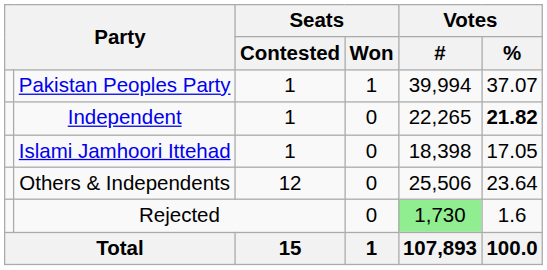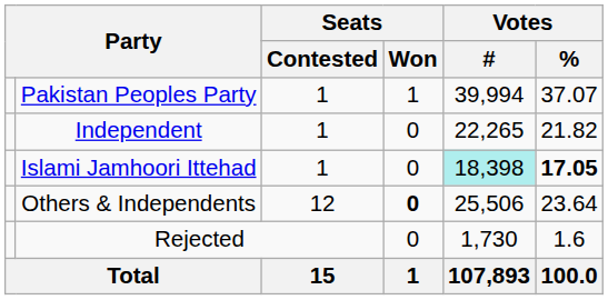 <table class="wikitable" style="text-align: center">
 <tr>
 <th colspan="2" rowspan="2">Party</th>
 <th colspan="2">Seats</th>
 <th colspan="2">Votes</th>
 </tr>
 <tr>
 <th>Contested</th>
 <th>Won</th>
 <th>#</th>
 <th>%</th>
 </tr>
 <tr>
 <td style="color:inherit;background:"></td>
 <td><a href='#'>Pakistan Peoples Party</a></td>
 <td>1</td>
 <td>1</td>
 <td>39,994</td>
 <td>37.07</td>
 </tr>
 <tr>
 <td style="color:inherit;background:"></td>
 <td><a href='#'>Independent</a></td>
 <td>1</td>
 <td>0</td>
 <td>22,265</td>
-<td><strong>21.82</strong></td>
+<td>21.82</td>
 </tr>
 <tr>
 <td style="color:inherit;background:"></td>
 <td><a href='#'>Islami Jamhoori Ittehad</a></td>
 <td>1</td>
 <td>0</td>
-<td>18,398</td>
-<td>17.05</td>
+<td style="background: paleturquoise;">18,398</td>
+<td><strong>17.05</strong></td>
 </tr>
 <tr>
 <td style="color:inherit;background:"></td>
 <td>Others & Independents</td>
 <td>12</td>
-<td>0</td>
+<td><strong>0</strong></td>
 <td>25,506</td>
 <td>23.64</td>
 </tr>
 <tr>
 <td style="color:inherit;background:"></td>
 <td colspan="2">Rejected</td>
 <td>0</td>
-<td style="background: lightgreen;">1,730</td>
+<td>1,730</td>
 <td>1.6</td>
 </tr>
 <tr>
 <th colspan="2">Total</th>
 <th>15</th>
 <th>1</th>
 <th>107,893</th>
 <th>100.0</th>
 </tr>
 </table>
